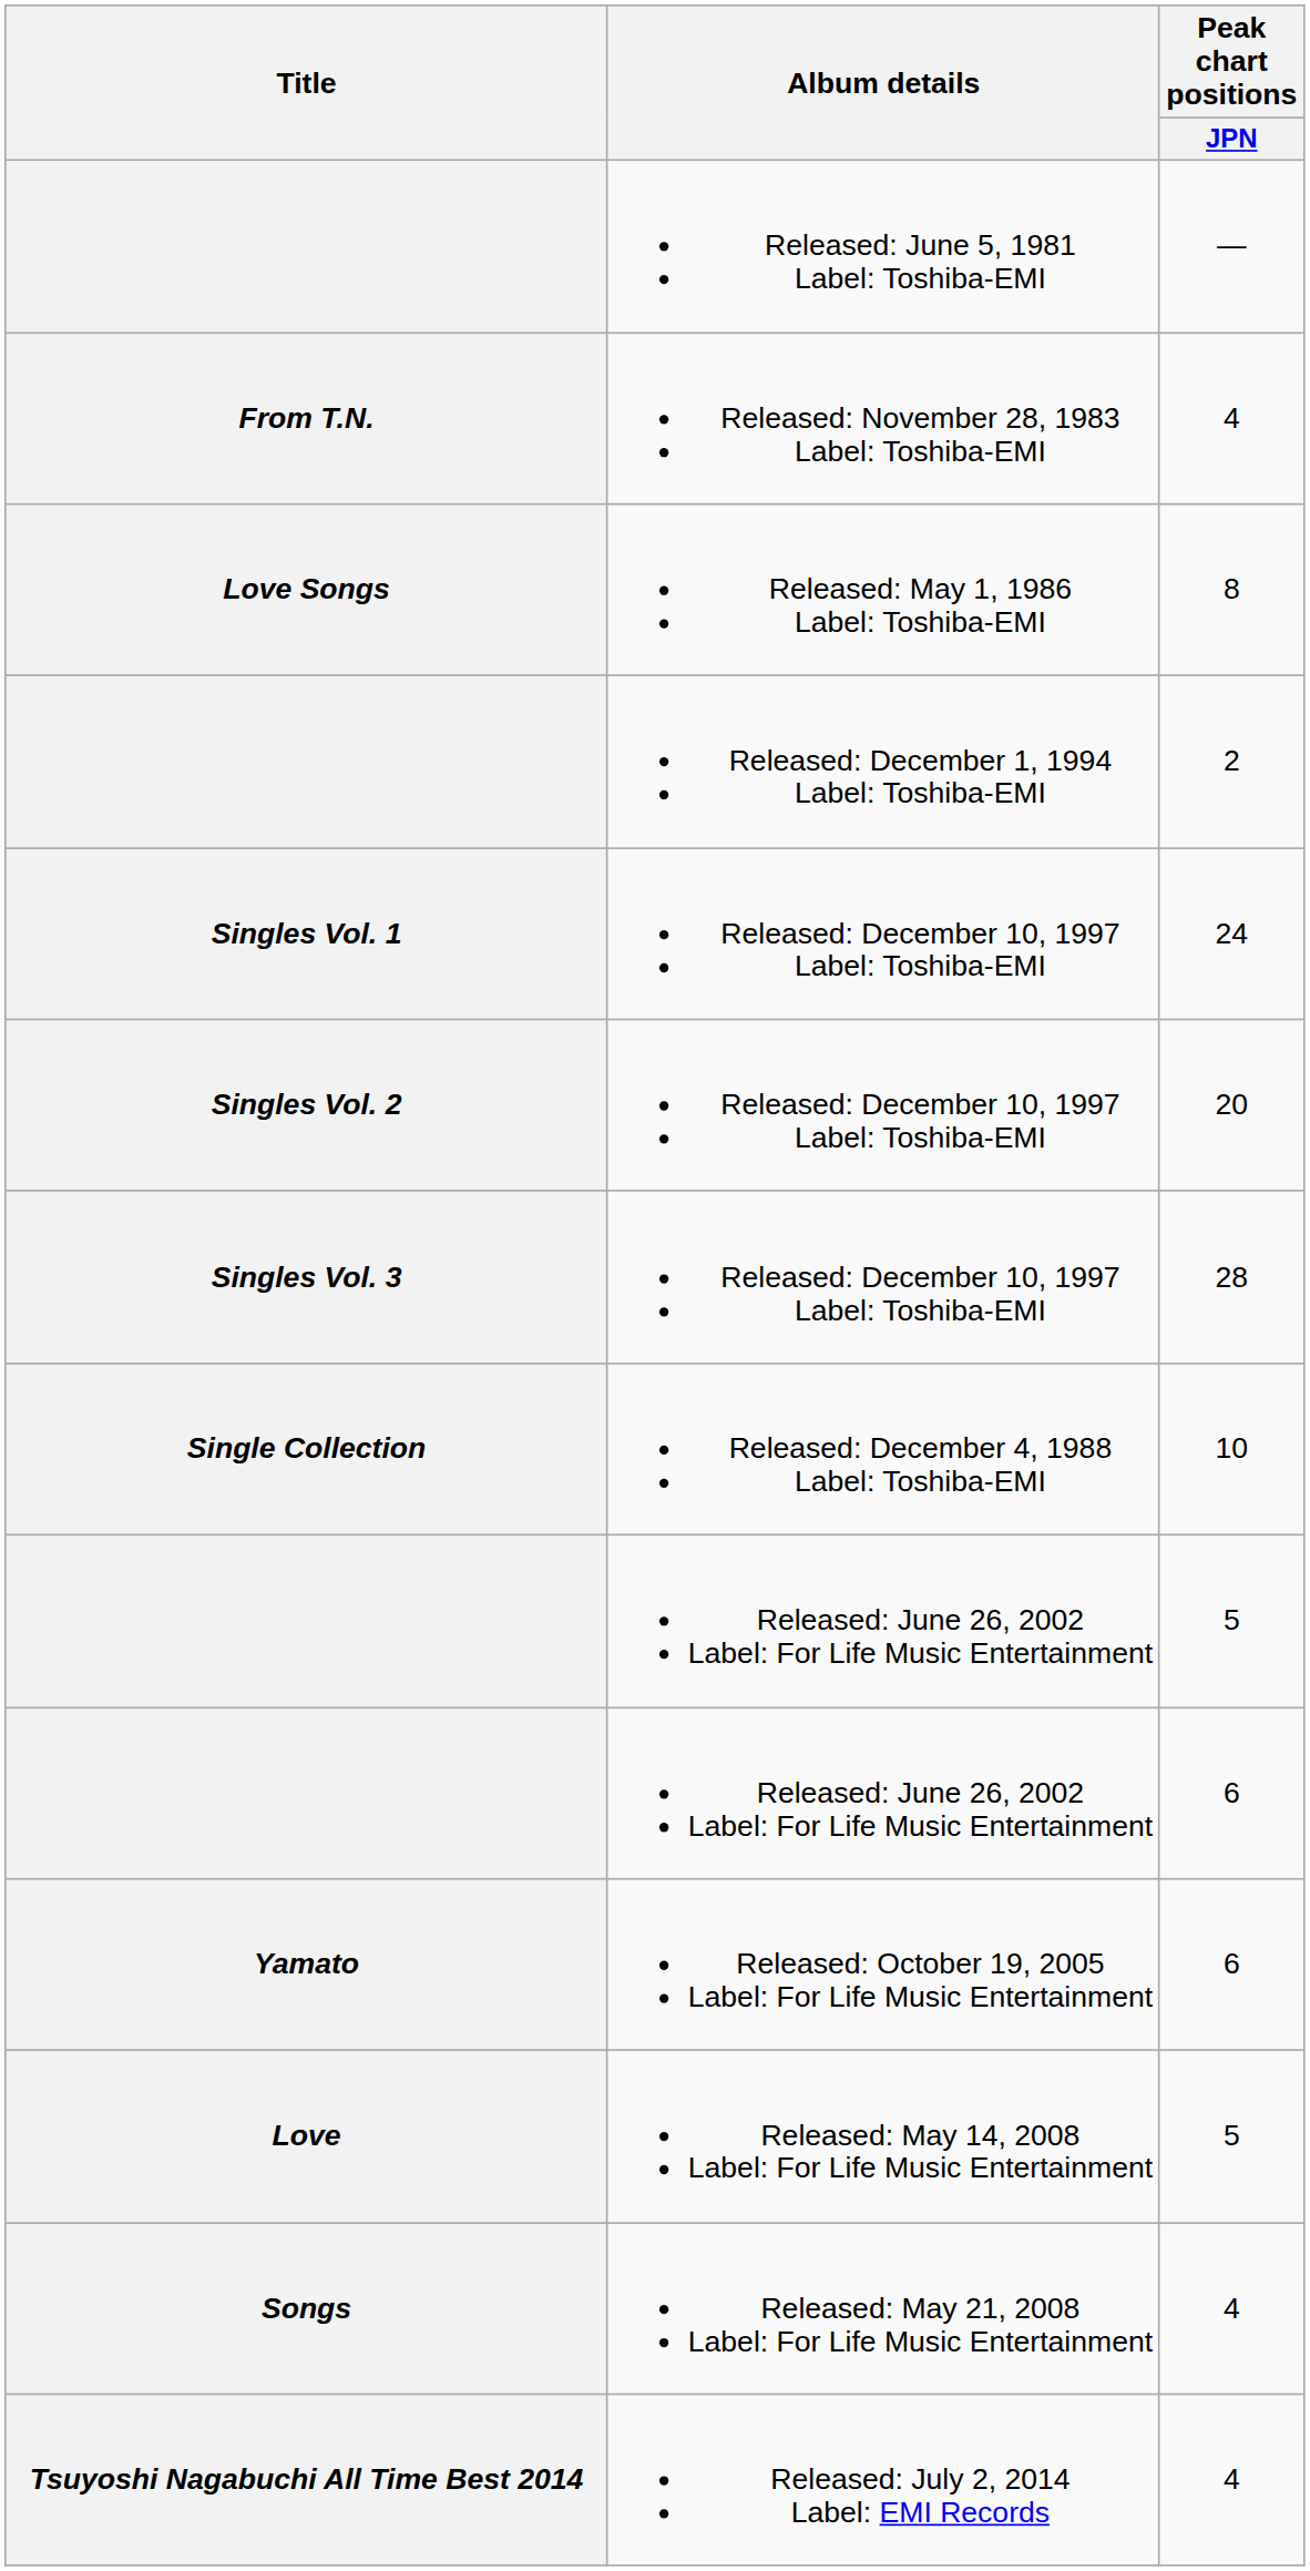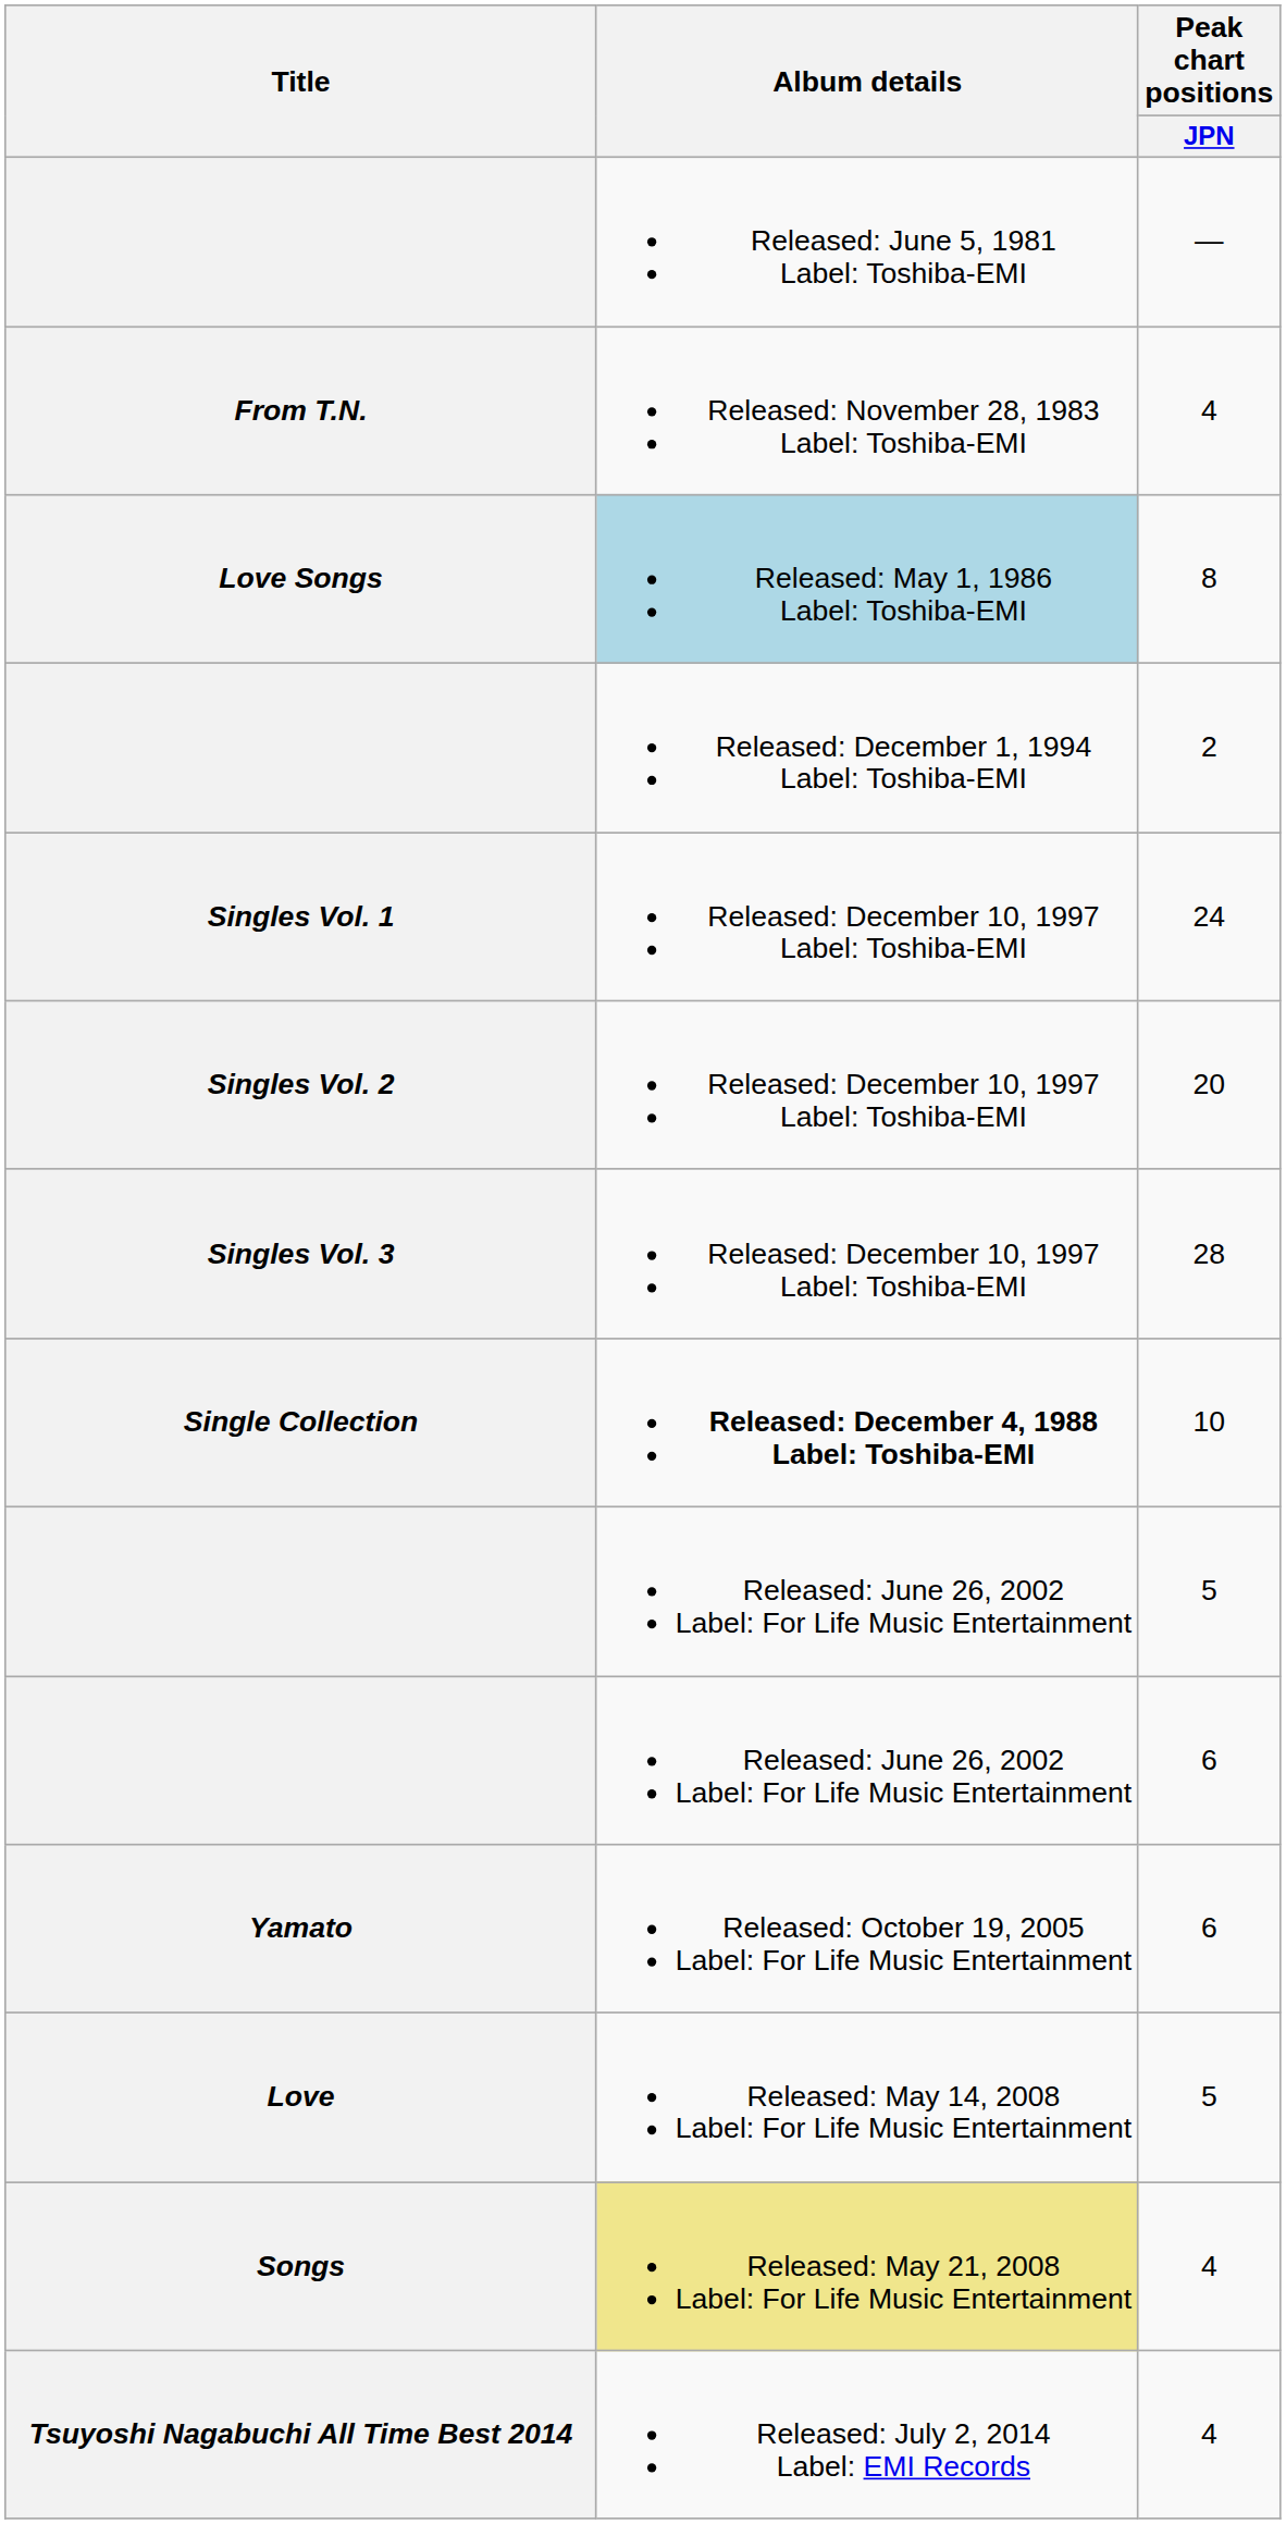 <table class="wikitable plainrowheaders" style="text-align:center;">
 <tr>
 <th scope="col" rowspan="2" style="width:20em;">Title</th>
 <th scope="col" rowspan="2">Album details</th>
 <th scope="col">Peak chart positions</th>
 </tr>
 <tr>
 <th scope="col" style="width:2.5em;font-size:90%;"><a href='#'>JPN</a><br></th>
 </tr>
 <tr>
 <th scope="row"></th>
 <td><br><ul><li>Released: June 5, 1981</li><li>Label: Toshiba-EMI</li></ul></td>
 <td>—</td>
 </tr>
 <tr>
 <th scope="row"><em>From T.N.</em></th>
 <td><br><ul><li>Released: November 28, 1983</li><li>Label: Toshiba-EMI</li></ul></td>
 <td>4</td>
 </tr>
 <tr>
 <th scope="row"><em>Love Songs</em></th>
-<td><br><ul><li>Released: May 1, 1986</li><li>Label: Toshiba-EMI</li></ul></td>
+<td style="background: lightblue;"><br><ul><li>Released: May 1, 1986</li><li>Label: Toshiba-EMI</li></ul></td>
 <td>8</td>
 </tr>
 <tr>
 <th scope="row"></th>
 <td><br><ul><li>Released: December 1, 1994</li><li>Label: Toshiba-EMI</li></ul></td>
 <td>2</td>
 </tr>
 <tr>
 <th scope="row"><em>Singles Vol. 1</em></th>
 <td><br><ul><li>Released: December 10, 1997</li><li>Label: Toshiba-EMI</li></ul></td>
 <td>24</td>
 </tr>
 <tr>
 <th scope="row"><em>Singles Vol. 2</em></th>
 <td><br><ul><li>Released: December 10, 1997</li><li>Label: Toshiba-EMI</li></ul></td>
 <td>20</td>
 </tr>
 <tr>
 <th scope="row"><em>Singles Vol. 3</em></th>
 <td><br><ul><li>Released: December 10, 1997</li><li>Label: Toshiba-EMI</li></ul></td>
 <td>28</td>
 </tr>
 <tr>
 <th scope="row"><em>Single Collection</em></th>
-<td><br><ul><li>Released: December 4, 1988</li><li>Label: Toshiba-EMI</li></ul></td>
+<td><strong><br><ul><li>Released: December 4, 1988</li><li>Label: Toshiba-EMI</li></ul></strong></td>
 <td>10</td>
 </tr>
 <tr>
 <th scope="row"></th>
 <td><br><ul><li>Released: June 26, 2002</li><li>Label: For Life Music Entertainment</li></ul></td>
 <td>5</td>
 </tr>
 <tr>
 <th scope="row"></th>
 <td><br><ul><li>Released: June 26, 2002</li><li>Label: For Life Music Entertainment</li></ul></td>
 <td>6</td>
 </tr>
 <tr>
 <th scope="row"><em>Yamato</em></th>
 <td><br><ul><li>Released: October 19, 2005</li><li>Label: For Life Music Entertainment</li></ul></td>
 <td>6</td>
 </tr>
 <tr>
 <th scope="row"><em>Love</em></th>
 <td><br><ul><li>Released: May 14, 2008</li><li>Label: For Life Music Entertainment</li></ul></td>
 <td>5</td>
 </tr>
 <tr>
 <th scope="row"><em>Songs</em></th>
-<td><br><ul><li>Released: May 21, 2008</li><li>Label: For Life Music Entertainment</li></ul></td>
+<td style="background: khaki;"><br><ul><li>Released: May 21, 2008</li><li>Label: For Life Music Entertainment</li></ul></td>
 <td>4</td>
 </tr>
 <tr>
 <th scope="row"><em>Tsuyoshi Nagabuchi All Time Best 2014</em></th>
 <td><br><ul><li>Released: July 2, 2014</li><li>Label: <a href='#'>EMI Records</a></li></ul></td>
 <td>4</td>
 </tr>
 </table>
